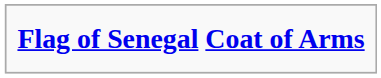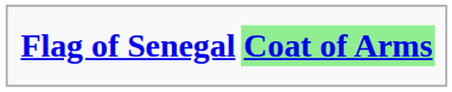 <table class="infobox" style="text-align: center;">
 <tr>
 <td></td>
 <td></td>
 </tr>
 <tr>
 <td><strong><a href='#'>Flag of Senegal</a></strong></td>
-<td><strong><a href='#'>Coat of Arms</a></strong></td>
+<td style="background: lightgreen;"><strong><a href='#'>Coat of Arms</a></strong></td>
 </tr>
 <tr>
 <td colspan="2"></td>
 </tr>
 </table>
